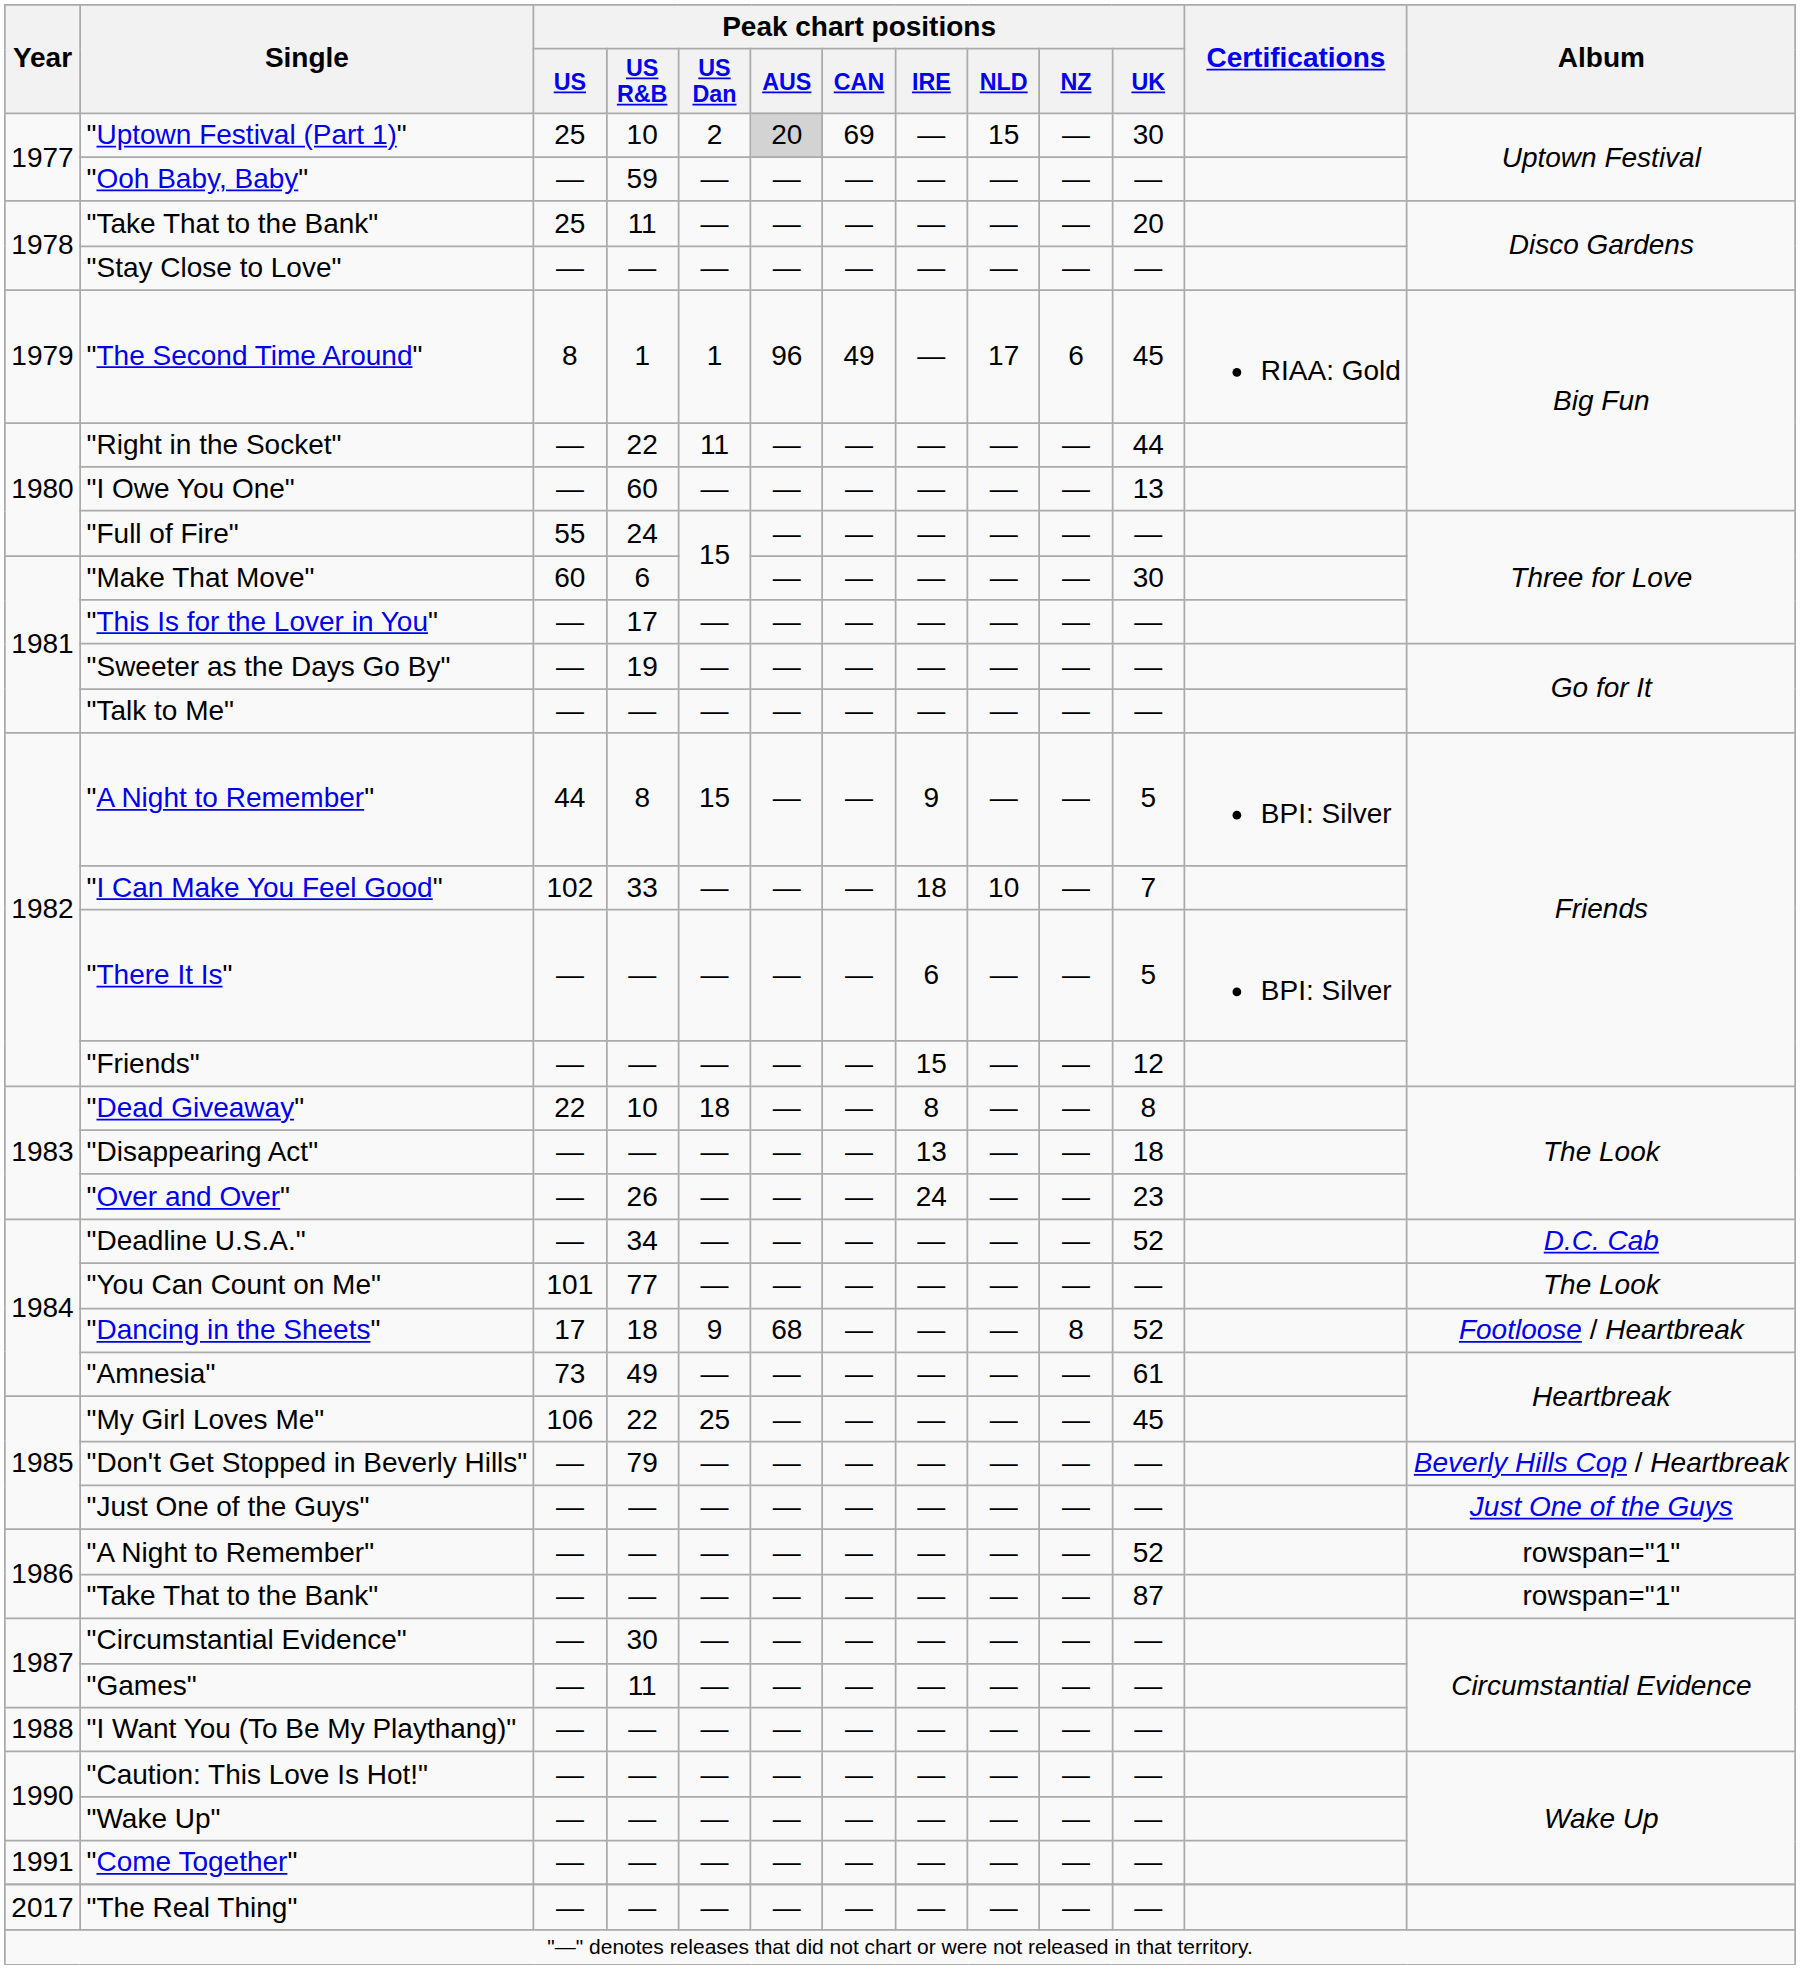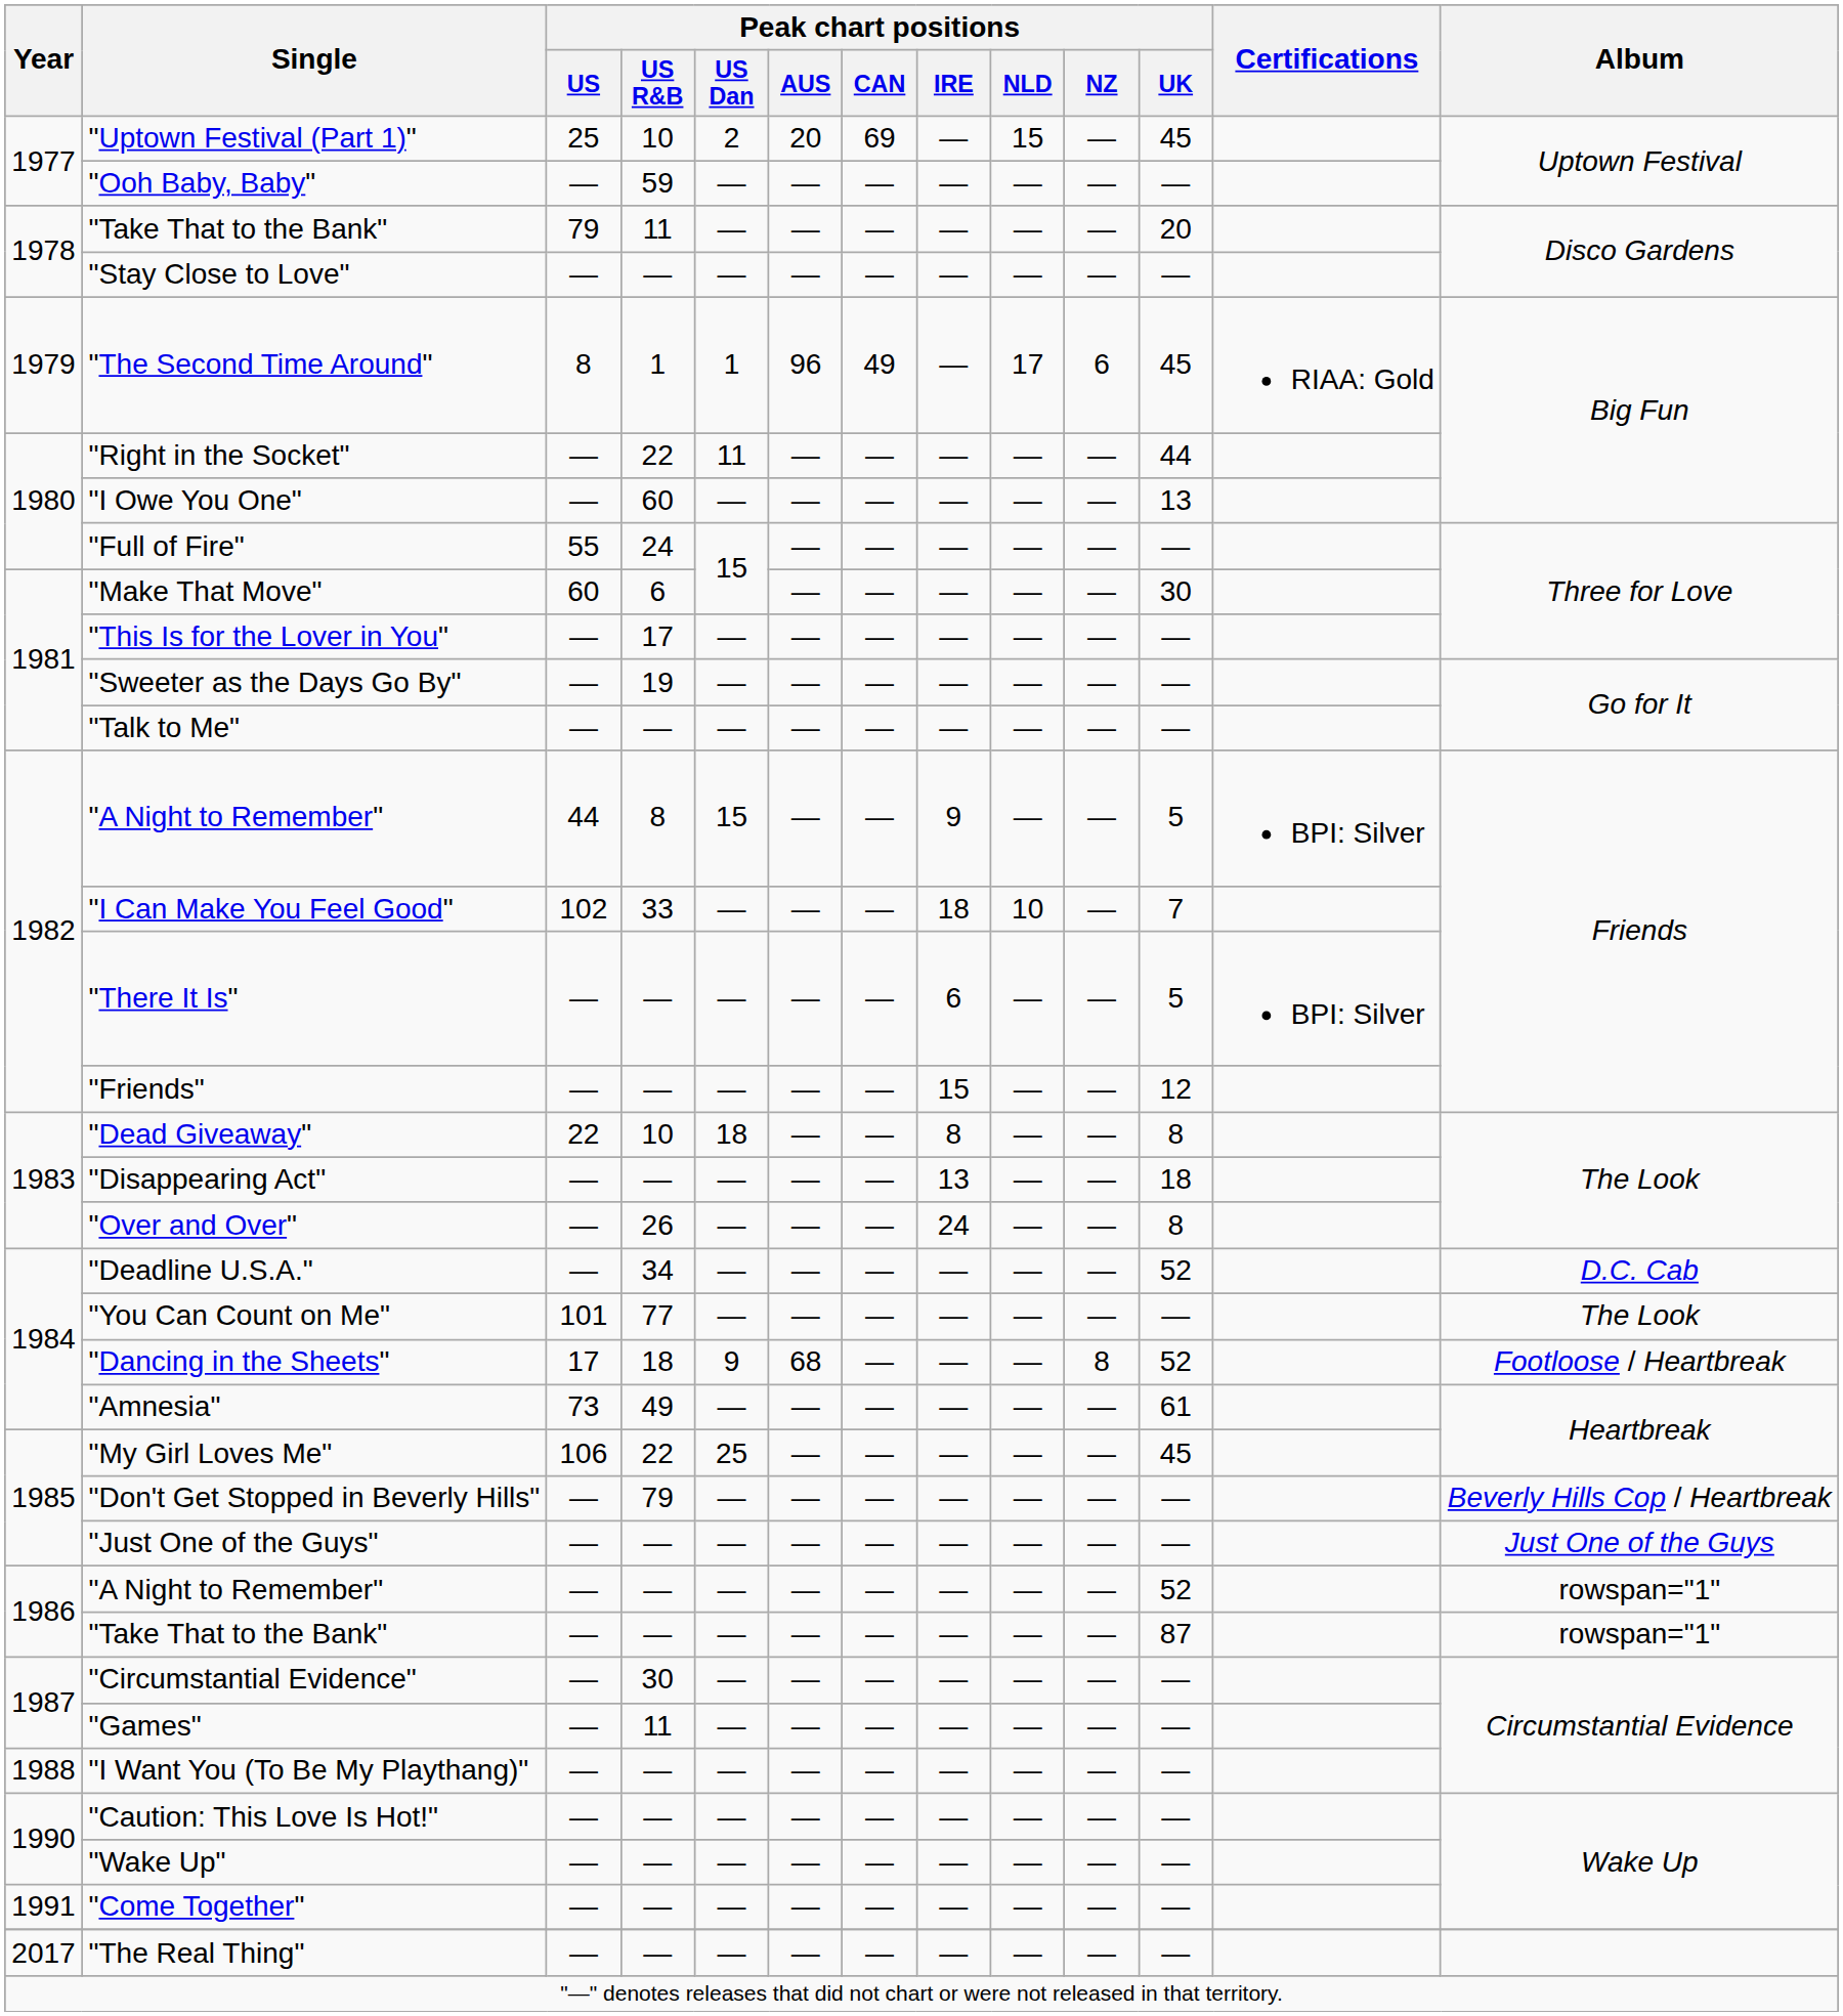 <table class="wikitable" style="text-align:center;">
 <tr>
 <th rowspan="2">Year</th>
 <th rowspan="2">Single</th>
 <th colspan="9">Peak chart positions</th>
 <th rowspan="2"><a href='#'>Certifications</a></th>
 <th rowspan="2">Album</th>
 </tr>
 <tr style="font-size:smaller;">
 <th width="35"><a href='#'>US</a><br></th>
 <th width="35"><a href='#'>US<br>R&B</a><br></th>
 <th width="35"><a href='#'>US<br>Dan</a><br></th>
 <th width="35"><a href='#'>AUS</a><br></th>
 <th width="35"><a href='#'>CAN</a><br></th>
 <th width="35"><a href='#'>IRE</a><br></th>
 <th width="35"><a href='#'>NLD</a><br></th>
 <th width="35"><a href='#'>NZ</a> <br></th>
 <th width="35"><a href='#'>UK</a><br></th>
 </tr>
 <tr>
 <td rowspan="2">1977</td>
 <td align="left">"<a href='#'>Uptown Festival (Part 1)</a>"</td>
 <td>25</td>
 <td>10</td>
 <td>2</td>
-<td style="background: lightgrey;">20</td>
+<td>20</td>
 <td>69</td>
 <td>—</td>
 <td>15</td>
 <td>—</td>
-<td>30</td>
+<td>45</td>
 <td align=left></td>
 <td rowspan="2"><em>Uptown Festival</em></td>
 </tr>
 <tr>
 <td align="left">"<a href='#'>Ooh Baby, Baby</a>"</td>
 <td>—</td>
 <td>59</td>
 <td>—</td>
 <td>—</td>
 <td>—</td>
 <td>—</td>
 <td>—</td>
 <td>—</td>
 <td>—</td>
 <td align=left></td>
 </tr>
 <tr>
 <td rowspan="2">1978</td>
 <td align="left">"Take That to the Bank"</td>
-<td>25</td>
+<td>79</td>
 <td>11</td>
 <td>—</td>
 <td>—</td>
 <td>—</td>
 <td>—</td>
 <td>—</td>
 <td>—</td>
 <td>20</td>
 <td align=left></td>
 <td rowspan="2"><em>Disco Gardens</em></td>
 </tr>
 <tr>
 <td align="left">"Stay Close to Love"</td>
 <td>—</td>
 <td>—</td>
 <td>—</td>
 <td>—</td>
 <td>—</td>
 <td>—</td>
 <td>—</td>
 <td>—</td>
 <td>—</td>
 <td align=left></td>
 </tr>
 <tr>
 <td rowspan="1">1979</td>
 <td align="left">"<a href='#'>The Second Time Around</a>"</td>
 <td>8</td>
 <td>1</td>
 <td>1</td>
 <td>96</td>
 <td>49</td>
 <td>—</td>
 <td>17</td>
 <td>6</td>
 <td>45</td>
 <td align=left><br><ul><li>RIAA: Gold</li></ul></td>
 <td rowspan="3"><em>Big Fun</em></td>
 </tr>
 <tr>
 <td rowspan="3">1980</td>
 <td align="left">"Right in the Socket"</td>
 <td>—</td>
 <td>22</td>
 <td>11</td>
 <td>—</td>
 <td>—</td>
 <td>—</td>
 <td>—</td>
 <td>—</td>
 <td>44</td>
 <td align=left></td>
 </tr>
 <tr>
 <td align="left">"I Owe You One"</td>
 <td>—</td>
 <td>60</td>
 <td>—</td>
 <td>—</td>
 <td>—</td>
 <td>—</td>
 <td>—</td>
 <td>—</td>
 <td>13</td>
 <td align=left></td>
 </tr>
 <tr>
 <td align="left">"Full of Fire"</td>
 <td>55</td>
 <td>24</td>
 <td rowspan="2">15</td>
 <td>—</td>
 <td>—</td>
 <td>—</td>
 <td>—</td>
 <td>—</td>
 <td>—</td>
 <td align=left></td>
 <td rowspan="3"><em>Three for Love</em></td>
 </tr>
 <tr>
 <td rowspan="4">1981</td>
 <td align="left">"Make That Move"</td>
 <td>60</td>
 <td>6</td>
 <td>—</td>
 <td>—</td>
 <td>—</td>
 <td>—</td>
 <td>—</td>
 <td>30</td>
 <td align=left></td>
 </tr>
 <tr>
 <td align="left">"<a href='#'>This Is for the Lover in You</a>"</td>
 <td>—</td>
 <td>17</td>
 <td>—</td>
 <td>—</td>
 <td>—</td>
 <td>—</td>
 <td>—</td>
 <td>—</td>
 <td>—</td>
 <td align=left></td>
 </tr>
 <tr>
 <td align="left">"Sweeter as the Days Go By"</td>
 <td>—</td>
 <td>19</td>
 <td>—</td>
 <td>—</td>
 <td>—</td>
 <td>—</td>
 <td>—</td>
 <td>—</td>
 <td>—</td>
 <td align=left></td>
 <td rowspan="2"><em>Go for It</em></td>
 </tr>
 <tr>
 <td align="left">"Talk to Me"</td>
 <td>—</td>
 <td>—</td>
 <td>—</td>
 <td>—</td>
 <td>—</td>
 <td>—</td>
 <td>—</td>
 <td>—</td>
 <td>—</td>
 <td align=left></td>
 </tr>
 <tr>
 <td rowspan="4">1982</td>
 <td align="left">"<a href='#'>A Night to Remember</a>"</td>
 <td>44</td>
 <td>8</td>
 <td>15</td>
 <td>—</td>
 <td>—</td>
 <td>9</td>
 <td>—</td>
 <td>—</td>
 <td>5</td>
 <td align=left><br><ul><li>BPI: Silver</li></ul></td>
 <td rowspan="4"><em>Friends</em></td>
 </tr>
 <tr>
 <td align="left">"<a href='#'>I Can Make You Feel Good</a>"</td>
 <td>102</td>
 <td>33</td>
 <td>—</td>
 <td>—</td>
 <td>—</td>
 <td>18</td>
 <td>10</td>
 <td>—</td>
 <td>7</td>
 <td align=left></td>
 </tr>
 <tr>
 <td align="left">"<a href='#'>There It Is</a>"</td>
 <td>—</td>
 <td>—</td>
 <td>—</td>
 <td>—</td>
 <td>—</td>
 <td>6</td>
 <td>—</td>
 <td>—</td>
 <td>5</td>
 <td align=left><br><ul><li>BPI: Silver</li></ul></td>
 </tr>
 <tr>
 <td align="left">"Friends"</td>
 <td>—</td>
 <td>—</td>
 <td>—</td>
 <td>—</td>
 <td>—</td>
 <td>15</td>
 <td>—</td>
 <td>—</td>
 <td>12</td>
 </tr>
 <tr>
 <td rowspan="3">1983</td>
 <td align="left">"<a href='#'>Dead Giveaway</a>"</td>
 <td>22</td>
 <td>10</td>
 <td>18</td>
 <td>—</td>
 <td>—</td>
 <td>8</td>
 <td>—</td>
 <td>—</td>
 <td>8</td>
 <td align=left></td>
 <td rowspan="3"><em>The Look</em></td>
 </tr>
 <tr>
 <td align="left">"Disappearing Act"</td>
 <td>—</td>
 <td>—</td>
 <td>—</td>
 <td>—</td>
 <td>—</td>
 <td>13</td>
 <td>—</td>
 <td>—</td>
 <td>18</td>
 <td align=left></td>
 </tr>
 <tr>
 <td align="left">"<a href='#'>Over and Over</a>"</td>
 <td>—</td>
 <td>26</td>
 <td>—</td>
 <td>—</td>
 <td>—</td>
 <td>24</td>
 <td>—</td>
 <td>—</td>
-<td>23</td>
+<td>8</td>
 <td align=left></td>
 </tr>
 <tr>
 <td rowspan="4">1984</td>
 <td align="left">"Deadline U.S.A."</td>
 <td>—</td>
 <td>34</td>
 <td>—</td>
 <td>—</td>
 <td>—</td>
 <td>—</td>
 <td>—</td>
 <td>—</td>
 <td>52</td>
 <td align=left></td>
 <td rowspan="1"><em><a href='#'>D.C. Cab</a></em></td>
 </tr>
 <tr>
 <td align="left">"You Can Count on Me"</td>
 <td>101</td>
 <td>77</td>
 <td>—</td>
 <td>—</td>
 <td>—</td>
 <td>—</td>
 <td>—</td>
 <td>—</td>
 <td>—</td>
 <td align=left></td>
 <td rowspan="1"><em>The Look</em></td>
 </tr>
 <tr>
 <td align="left">"<a href='#'>Dancing in the Sheets</a>"</td>
 <td>17</td>
 <td>18</td>
 <td>9</td>
 <td>68</td>
 <td>—</td>
 <td>—</td>
 <td>—</td>
 <td>8</td>
 <td>52</td>
 <td align=left></td>
 <td rowspan="1"><em><a href='#'>Footloose</a></em> / <em>Heartbreak</em></td>
 </tr>
 <tr>
 <td align="left">"Amnesia"</td>
 <td>73</td>
 <td>49</td>
 <td>—</td>
 <td>—</td>
 <td>—</td>
 <td>—</td>
 <td>—</td>
 <td>—</td>
 <td>61</td>
 <td align=left></td>
 <td rowspan="2"><em>Heartbreak</em></td>
 </tr>
 <tr>
 <td rowspan="3">1985</td>
 <td align="left">"My Girl Loves Me"</td>
 <td>106</td>
 <td>22</td>
 <td>25</td>
 <td>—</td>
 <td>—</td>
 <td>—</td>
 <td>—</td>
 <td>—</td>
 <td>45</td>
 <td align=left></td>
 </tr>
 <tr>
 <td align="left">"Don't Get Stopped in Beverly Hills"</td>
 <td>—</td>
 <td>79</td>
 <td>—</td>
 <td>—</td>
 <td>—</td>
 <td>—</td>
 <td>—</td>
 <td>—</td>
 <td>—</td>
 <td align=left></td>
 <td rowspan="1"><em><a href='#'>Beverly Hills Cop</a></em> / <em>Heartbreak</em></td>
 </tr>
 <tr>
 <td align="left">"Just One of the Guys"</td>
 <td>—</td>
 <td>—</td>
 <td>—</td>
 <td>—</td>
 <td>—</td>
 <td>—</td>
 <td>—</td>
 <td>—</td>
 <td>—</td>
 <td align=left></td>
 <td rowspan="1"><em><a href='#'>Just One of the Guys</a></em></td>
 </tr>
 <tr>
 <td rowspan="2">1986</td>
 <td align="left">"A Night to Remember" </td>
 <td>—</td>
 <td>—</td>
 <td>—</td>
 <td>—</td>
 <td>—</td>
 <td>—</td>
 <td>—</td>
 <td>—</td>
 <td>52</td>
 <td align=left></td>
 <td>rowspan="1" </td>
 </tr>
 <tr>
 <td align="left">"Take That to the Bank" </td>
 <td>—</td>
 <td>—</td>
 <td>—</td>
 <td>—</td>
 <td>—</td>
 <td>—</td>
 <td>—</td>
 <td>—</td>
 <td>87</td>
 <td align=left></td>
 <td>rowspan="1" </td>
 </tr>
 <tr>
 <td rowspan="2">1987</td>
 <td align="left">"Circumstantial Evidence"</td>
 <td>—</td>
 <td>30</td>
 <td>—</td>
 <td>—</td>
 <td>—</td>
 <td>—</td>
 <td>—</td>
 <td>—</td>
 <td>—</td>
 <td align=left></td>
 <td rowspan="3"><em>Circumstantial Evidence</em></td>
 </tr>
 <tr>
 <td align="left">"Games"</td>
 <td>—</td>
 <td>11</td>
 <td>—</td>
 <td>—</td>
 <td>—</td>
 <td>—</td>
 <td>—</td>
 <td>—</td>
 <td>—</td>
 <td align=left></td>
 </tr>
 <tr>
 <td rowspan="1">1988</td>
 <td align="left">"I Want You (To Be My Playthang)"</td>
 <td>—</td>
 <td>—</td>
 <td>—</td>
 <td>—</td>
 <td>—</td>
 <td>—</td>
 <td>—</td>
 <td>—</td>
 <td>—</td>
 <td align=left></td>
 </tr>
 <tr>
 <td rowspan="2">1990</td>
 <td align="left">"Caution: This Love Is Hot!"</td>
 <td>—</td>
 <td>—</td>
 <td>—</td>
 <td>—</td>
 <td>—</td>
 <td>—</td>
 <td>—</td>
 <td>—</td>
 <td>—</td>
 <td align=left></td>
 <td rowspan="3"><em>Wake Up</em></td>
 </tr>
 <tr>
 <td align="left">"Wake Up"</td>
 <td>—</td>
 <td>—</td>
 <td>—</td>
 <td>—</td>
 <td>—</td>
 <td>—</td>
 <td>—</td>
 <td>—</td>
 <td>—</td>
 <td align=left></td>
 </tr>
 <tr>
 <td rowspan="1">1991</td>
 <td align="left">"<a href='#'>Come Together</a>"</td>
 <td>—</td>
 <td>—</td>
 <td>—</td>
 <td>—</td>
 <td>—</td>
 <td>—</td>
 <td>—</td>
 <td>—</td>
 <td>—</td>
 <td align=left></td>
 </tr>
 <tr>
 </tr>
 <tr>
 <td rowspan="1">2017</td>
 <td align="left">"The Real Thing"</td>
 <td>—</td>
 <td>—</td>
 <td>—</td>
 <td>—</td>
 <td>—</td>
 <td>—</td>
 <td>—</td>
 <td>—</td>
 <td>—</td>
 <td align=left></td>
 <td></td>
 </tr>
 <tr>
 <td colspan="13" style="text-align:center; font-size:9pt;">"—" denotes releases that did not chart or were not released in that territory.</td>
 </tr>
 </table>
